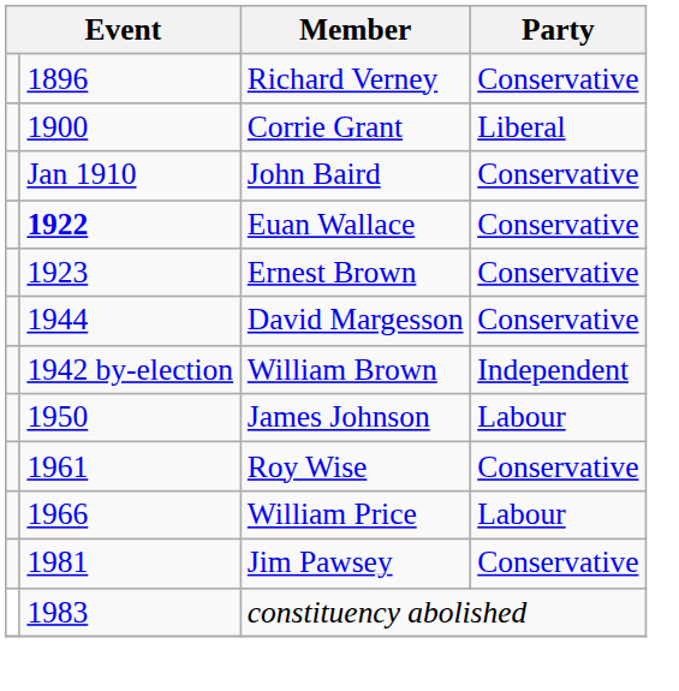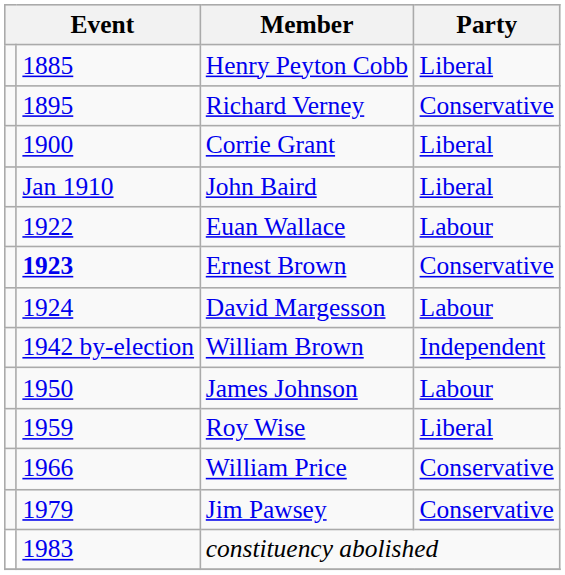 <table class="wikitable">
 <tr>
 <th colspan="2">Event</th>
 <th>Member</th>
 <th>Party</th>
 </tr>
 <tr>
 <td style="color:inherit;background-color: "></td>
-<td><a href='#'>1896</a></td>
+<td><a href='#'>1885</a></td>
+<td><a href='#'>Henry Peyton Cobb</a></td>
+<td><a href='#'>Liberal</a></td>
+</tr>
+<tr>
+<td style="color:inherit;background-color: "></td>
+<td><a href='#'>1895</a></td>
 <td><a href='#'>Richard Verney</a></td>
 <td><a href='#'>Conservative</a></td>
 </tr>
 <tr>
 <td style="color:inherit;background-color: "></td>
 <td><a href='#'>1900</a></td>
 <td><a href='#'>Corrie Grant</a></td>
 <td><a href='#'>Liberal</a></td>
 </tr>
 <tr>
 <td style="color:inherit;background-color: "></td>
 <td><a href='#'>Jan 1910</a></td>
 <td><a href='#'>John Baird</a></td>
-<td><a href='#'>Conservative</a></td>
+<td><a href='#'>Liberal</a></td>
 </tr>
 <tr>
 <td style="color:inherit;background-color: "></td>
-<td><strong><a href='#'>1922</a></strong></td>
+<td><a href='#'>1922</a></td>
 <td><a href='#'>Euan Wallace</a></td>
-<td><a href='#'>Conservative</a></td>
+<td><a href='#'>Labour</a></td>
 </tr>
 <tr>
 <td style="color:inherit;background-color: "></td>
-<td><a href='#'>1923</a></td>
+<td><strong><a href='#'>1923</a></strong></td>
 <td><a href='#'>Ernest Brown</a></td>
 <td><a href='#'>Conservative</a></td>
 </tr>
 <tr>
 <td style="color:inherit;background-color: "></td>
-<td><a href='#'>1944</a></td>
+<td><a href='#'>1924</a></td>
 <td><a href='#'>David Margesson</a></td>
-<td><a href='#'>Conservative</a></td>
+<td><a href='#'>Labour</a></td>
 </tr>
 <tr>
 <td style="color:inherit;background-color: "></td>
 <td><a href='#'>1942 by-election</a></td>
 <td><a href='#'>William Brown</a></td>
 <td><a href='#'>Independent</a></td>
 </tr>
 <tr>
 <td style="color:inherit;background-color: "></td>
 <td><a href='#'>1950</a></td>
 <td><a href='#'>James Johnson</a></td>
 <td><a href='#'>Labour</a></td>
 </tr>
 <tr>
 <td style="color:inherit;background-color: "></td>
-<td><a href='#'>1961</a></td>
+<td><a href='#'>1959</a></td>
 <td><a href='#'>Roy Wise</a></td>
-<td><a href='#'>Conservative</a></td>
+<td><a href='#'>Liberal</a></td>
 </tr>
 <tr>
 <td style="color:inherit;background-color: "></td>
 <td><a href='#'>1966</a></td>
 <td><a href='#'>William Price</a></td>
-<td><a href='#'>Labour</a></td>
+<td><a href='#'>Conservative</a></td>
 </tr>
 <tr>
 <td style="color:inherit;background-color: "></td>
-<td><a href='#'>1981</a></td>
+<td><a href='#'>1979</a></td>
 <td><a href='#'>Jim Pawsey</a></td>
 <td><a href='#'>Conservative</a></td>
 </tr>
 <tr>
 <td style="color:inherit;background-color: white"></td>
 <td><a href='#'>1983</a></td>
 <td colspan="2"><em>constituency abolished</em></td>
 </tr>
 <tr>
 </tr>
 </table>
